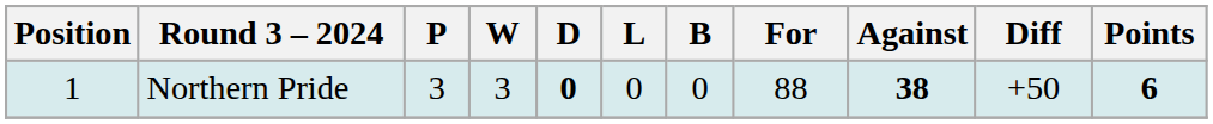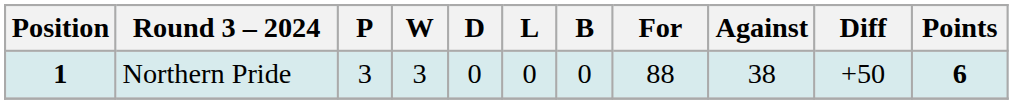 <table class="wikitable" style="text-align:center; font-size:85%;">
 <tr style="background: #d7ebed;">
 <th width="40" abbr="Position">Position</th>
 <th width="100">Round 3 – 2024</th>
 <th width="20" abbr="Played">P</th>
 <th width="20" abbr="Won">W</th>
 <th width="20" abbr="Drawn">D</th>
 <th width="20" abbr="Lost">L</th>
 <th width="20" abbr="Bye">B</th>
 <th width="40" abbr="Points for">For</th>
 <th width="40" abbr="Points against">Against</th>
 <th width="40" abbr="Points difference">Diff</th>
 <th width="40" abbr="Points">Points</th>
 </tr>
 <tr style="background: #d7ebed;">
-<td>1</td>
+<td><strong>1</strong></td>
 <td style="text-align:left;"> Northern Pride</td>
 <td>3</td>
 <td>3</td>
-<td><strong>0</strong></td>
+<td>0</td>
 <td>0</td>
 <td>0</td>
 <td>88</td>
-<td><strong>38</strong></td>
+<td>38</td>
 <td>+50</td>
 <td><strong>6</strong></td>
 </tr>
 <tr>
 </tr>
 </table>
